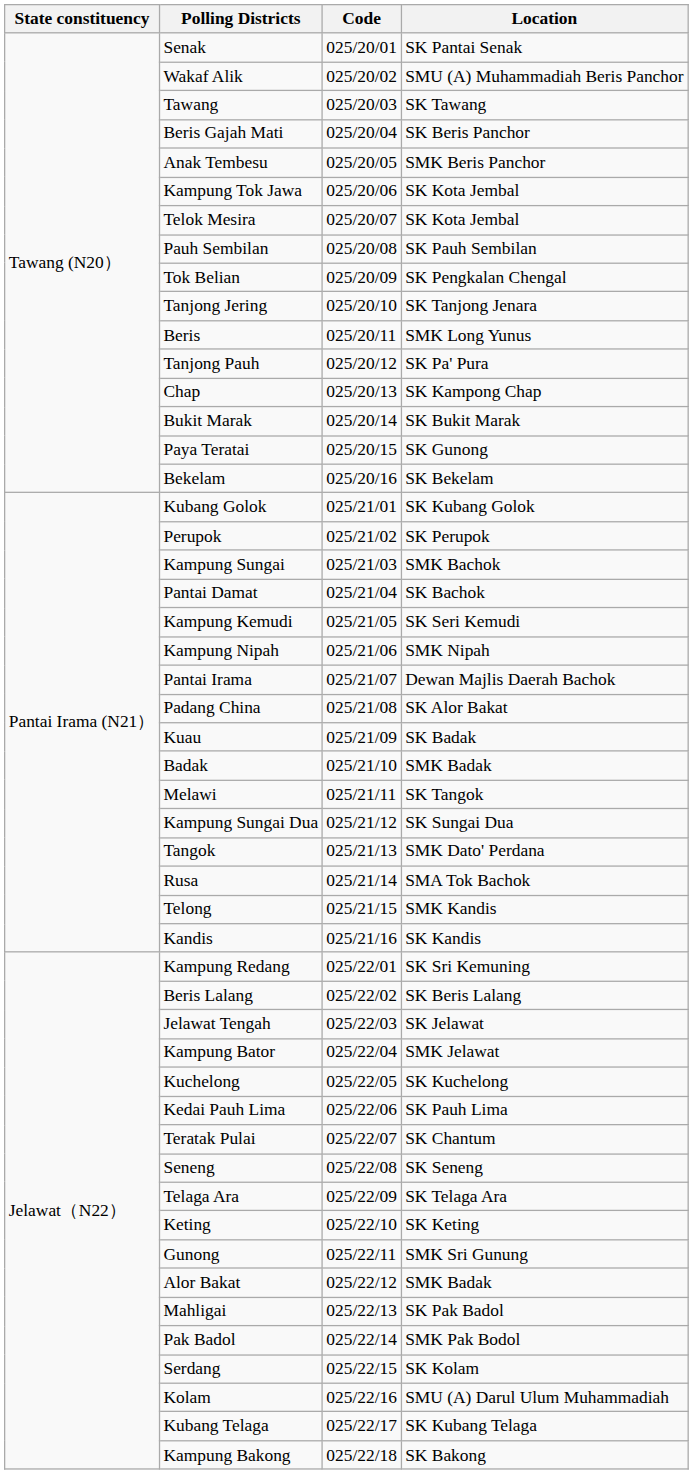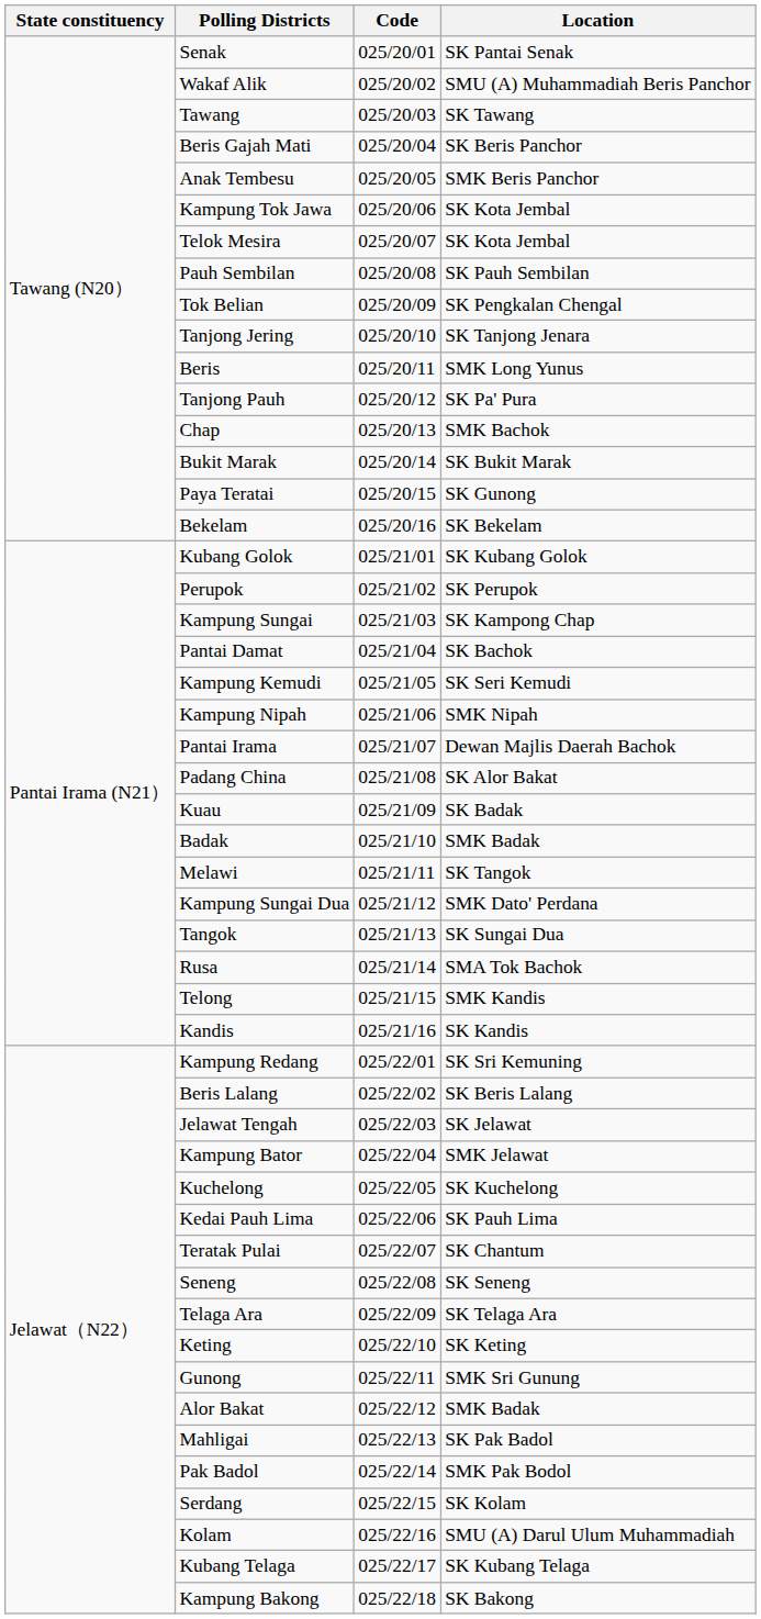 <table class="wikitable sortable mw-collapsible" style="white-space:nowrap;font-size:85%">
 <tr>
 <th>State constituency</th>
 <th>Polling Districts</th>
 <th>Code</th>
 <th>Location</th>
 </tr>
 <tr>
 <td rowspan="16">Tawang (N20）</td>
 <td>Senak</td>
 <td>025/20/01</td>
 <td>SK Pantai Senak</td>
 </tr>
 <tr>
 <td>Wakaf Alik</td>
 <td>025/20/02</td>
 <td>SMU (A) Muhammadiah Beris Panchor</td>
 </tr>
 <tr>
 <td>Tawang</td>
 <td>025/20/03</td>
 <td>SK Tawang</td>
 </tr>
 <tr>
 <td>Beris Gajah Mati</td>
 <td>025/20/04</td>
 <td>SK Beris Panchor</td>
 </tr>
 <tr>
 <td>Anak Tembesu</td>
 <td>025/20/05</td>
 <td>SMK Beris Panchor</td>
 </tr>
 <tr>
 <td>Kampung Tok Jawa</td>
 <td>025/20/06</td>
 <td>SK Kota Jembal</td>
 </tr>
 <tr>
 <td>Telok Mesira</td>
 <td>025/20/07</td>
 <td>SK Kota Jembal</td>
 </tr>
 <tr>
 <td>Pauh Sembilan</td>
 <td>025/20/08</td>
 <td>SK Pauh Sembilan</td>
 </tr>
 <tr>
 <td>Tok Belian</td>
 <td>025/20/09</td>
 <td>SK Pengkalan Chengal</td>
 </tr>
 <tr>
 <td>Tanjong Jering</td>
 <td>025/20/10</td>
 <td>SK Tanjong Jenara</td>
 </tr>
 <tr>
 <td>Beris</td>
 <td>025/20/11</td>
 <td>SMK Long Yunus</td>
 </tr>
 <tr>
 <td>Tanjong Pauh</td>
 <td>025/20/12</td>
 <td>SK Pa' Pura</td>
 </tr>
 <tr>
 <td>Chap</td>
 <td>025/20/13</td>
-<td>SK Kampong Chap</td>
+<td>SMK Bachok</td>
 </tr>
 <tr>
 <td>Bukit Marak</td>
 <td>025/20/14</td>
 <td>SK Bukit Marak</td>
 </tr>
 <tr>
 <td>Paya Teratai</td>
 <td>025/20/15</td>
 <td>SK Gunong</td>
 </tr>
 <tr>
 <td>Bekelam</td>
 <td>025/20/16</td>
 <td>SK Bekelam</td>
 </tr>
 <tr>
 <td rowspan="16">Pantai Irama (N21）</td>
 <td>Kubang Golok</td>
 <td>025/21/01</td>
 <td>SK Kubang Golok</td>
 </tr>
 <tr>
 <td>Perupok</td>
 <td>025/21/02</td>
 <td>SK Perupok</td>
 </tr>
 <tr>
 <td>Kampung Sungai</td>
 <td>025/21/03</td>
-<td>SMK Bachok</td>
+<td>SK Kampong Chap</td>
 </tr>
 <tr>
 <td>Pantai Damat</td>
 <td>025/21/04</td>
 <td>SK Bachok</td>
 </tr>
 <tr>
 <td>Kampung Kemudi</td>
 <td>025/21/05</td>
 <td>SK Seri Kemudi</td>
 </tr>
 <tr>
 <td>Kampung Nipah</td>
 <td>025/21/06</td>
 <td>SMK Nipah</td>
 </tr>
 <tr>
 <td>Pantai Irama</td>
 <td>025/21/07</td>
 <td>Dewan Majlis Daerah Bachok</td>
 </tr>
 <tr>
 <td>Padang China</td>
 <td>025/21/08</td>
 <td>SK Alor Bakat</td>
 </tr>
 <tr>
 <td>Kuau</td>
 <td>025/21/09</td>
 <td>SK Badak</td>
 </tr>
 <tr>
 <td>Badak</td>
 <td>025/21/10</td>
 <td>SMK Badak</td>
 </tr>
 <tr>
 <td>Melawi</td>
 <td>025/21/11</td>
 <td>SK Tangok</td>
 </tr>
 <tr>
 <td>Kampung Sungai Dua</td>
 <td>025/21/12</td>
-<td>SK Sungai Dua</td>
+<td>SMK Dato' Perdana</td>
 </tr>
 <tr>
 <td>Tangok</td>
 <td>025/21/13</td>
-<td>SMK Dato' Perdana</td>
+<td>SK Sungai Dua</td>
 </tr>
 <tr>
 <td>Rusa</td>
 <td>025/21/14</td>
 <td>SMA Tok Bachok</td>
 </tr>
 <tr>
 <td>Telong</td>
 <td>025/21/15</td>
 <td>SMK Kandis</td>
 </tr>
 <tr>
 <td>Kandis</td>
 <td>025/21/16</td>
 <td>SK Kandis</td>
 </tr>
 <tr>
 <td rowspan="18">Jelawat（N22）</td>
 <td>Kampung Redang</td>
 <td>025/22/01</td>
 <td>SK Sri Kemuning</td>
 </tr>
 <tr>
 <td>Beris Lalang</td>
 <td>025/22/02</td>
 <td>SK Beris Lalang</td>
 </tr>
 <tr>
 <td>Jelawat Tengah</td>
 <td>025/22/03</td>
 <td>SK Jelawat</td>
 </tr>
 <tr>
 <td>Kampung Bator</td>
 <td>025/22/04</td>
 <td>SMK Jelawat</td>
 </tr>
 <tr>
 <td>Kuchelong</td>
 <td>025/22/05</td>
 <td>SK Kuchelong</td>
 </tr>
 <tr>
 <td>Kedai Pauh Lima</td>
 <td>025/22/06</td>
 <td>SK Pauh Lima</td>
 </tr>
 <tr>
 <td>Teratak Pulai</td>
 <td>025/22/07</td>
 <td>SK Chantum</td>
 </tr>
 <tr>
 <td>Seneng</td>
 <td>025/22/08</td>
 <td>SK Seneng</td>
 </tr>
 <tr>
 <td>Telaga Ara</td>
 <td>025/22/09</td>
 <td>SK Telaga Ara</td>
 </tr>
 <tr>
 <td>Keting</td>
 <td>025/22/10</td>
 <td>SK Keting</td>
 </tr>
 <tr>
 <td>Gunong</td>
 <td>025/22/11</td>
 <td>SMK Sri Gunung</td>
 </tr>
 <tr>
 <td>Alor Bakat</td>
 <td>025/22/12</td>
 <td>SMK Badak</td>
 </tr>
 <tr>
 <td>Mahligai</td>
 <td>025/22/13</td>
 <td>SK Pak Badol</td>
 </tr>
 <tr>
 <td>Pak Badol</td>
 <td>025/22/14</td>
 <td>SMK Pak Bodol</td>
 </tr>
 <tr>
 <td>Serdang</td>
 <td>025/22/15</td>
 <td>SK Kolam</td>
 </tr>
 <tr>
 <td>Kolam</td>
 <td>025/22/16</td>
 <td>SMU (A) Darul Ulum Muhammadiah</td>
 </tr>
 <tr>
 <td>Kubang Telaga</td>
 <td>025/22/17</td>
 <td>SK Kubang Telaga</td>
 </tr>
 <tr>
 <td>Kampung Bakong</td>
 <td>025/22/18</td>
 <td>SK Bakong</td>
 </tr>
 </table>
